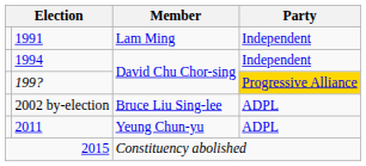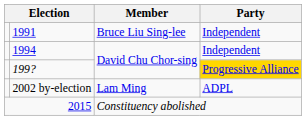 <table class="wikitable">
 <tr>
 <th colspan="2">Election</th>
 <th>Member</th>
 <th>Party</th>
 </tr>
 <tr>
 <td style="background-color: "></td>
 <td><a href='#'>1991</a></td>
-<td><a href='#'>Lam Ming</a></td>
+<td><a href='#'>Bruce Liu Sing-lee</a></td>
 <td><a href='#'>Independent</a></td>
 </tr>
 <tr>
 <td style="background-color: "></td>
 <td><a href='#'>1994</a></td>
 <td rowspan=2><a href='#'>David Chu Chor-sing</a></td>
 <td><a href='#'>Independent</a></td>
 </tr>
 <tr>
 <td style="background-color: "></td>
 <td><em>199?</em></td>
 <td style="background: gold;"><a href='#'>Progressive Alliance</a></td>
 </tr>
 <tr>
 <td style="background-color: "></td>
 <td>2002 by-election</td>
-<td><a href='#'>Bruce Liu Sing-lee</a></td>
-<td><a href='#'>ADPL</a></td>
-</tr>
-<tr>
-<td style="background-color: "></td>
-<td><a href='#'>2011</a></td>
-<td><a href='#'>Yeung Chun-yu</a></td>
+<td><a href='#'>Lam Ming</a></td>
 <td><a href='#'>ADPL</a></td>
 </tr>
 <tr>
 <td align=right colspan=2><a href='#'>2015</a></td>
 <td colspan=2><em>Constituency abolished</em></td>
 </tr>
 </table>
